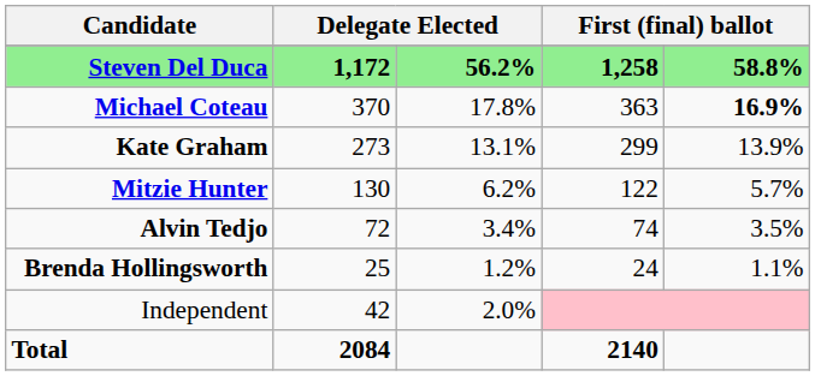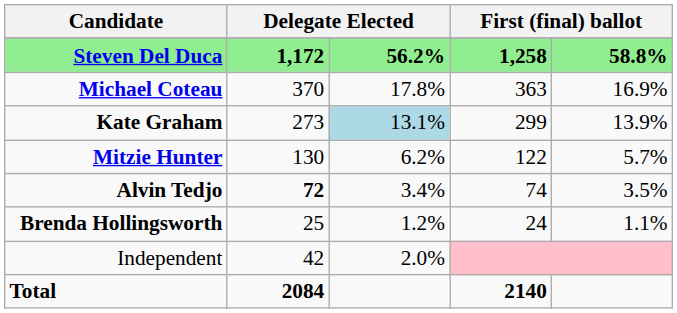 <table class="wikitable">
 <tr>
 <th style="width:160px;">Candidate</th>
 <th style="width:160px;" colspan = "2">Delegate Elected</th>
 <th style="width:160px;" colspan = "2">First (final) ballot</th>
 </tr>
 <tr style="text-align:right;">
 </tr>
 <tr style="text-align:right;background:lightgreen;">
 <td><strong><a href='#'>Steven Del Duca</a></strong></td>
 <td><strong>1,172</strong></td>
 <td><strong>56.2%</strong></td>
 <td><strong>1,258</strong></td>
 <td><strong>58.8%</strong></td>
 </tr>
 <tr style="text-align:right;">
 <td><strong><a href='#'>Michael Coteau</a></strong></td>
 <td>370</td>
 <td>17.8%</td>
 <td>363</td>
-<td><strong>16.9%</strong></td>
+<td>16.9%</td>
 </tr>
 <tr style="text-align:right;">
 <td><strong>Kate Graham</strong></td>
 <td>273</td>
-<td>13.1%</td>
+<td style="background: lightblue;">13.1%</td>
 <td>299</td>
 <td>13.9%</td>
 </tr>
 <tr style="text-align:right;">
 <td><strong><a href='#'>Mitzie Hunter</a></strong></td>
 <td>130</td>
 <td>6.2%</td>
 <td>122</td>
 <td>5.7%</td>
 </tr>
 <tr style="text-align:right;">
 <td><strong>Alvin Tedjo</strong></td>
-<td>72</td>
+<td><strong>72</strong></td>
 <td>3.4%</td>
 <td>74</td>
 <td>3.5%</td>
 </tr>
 <tr style="text-align:right;">
 <td><strong>Brenda Hollingsworth</strong></td>
 <td>25</td>
 <td>1.2%</td>
 <td>24</td>
 <td>1.1%</td>
 </tr>
 <tr style="text-align:right;">
 <td>Independent</td>
 <td>42</td>
 <td>2.0%</td>
 <td style="text-align:center; background:pink" colspan = "2"></td>
 </tr>
 <tr style="text-align:right;">
 <td style="text-align:left;"><strong>Total</strong></td>
 <td><strong>2084</strong></td>
 <td></td>
 <td><strong>2140</strong></td>
 <td></td>
 </tr>
 </table>
